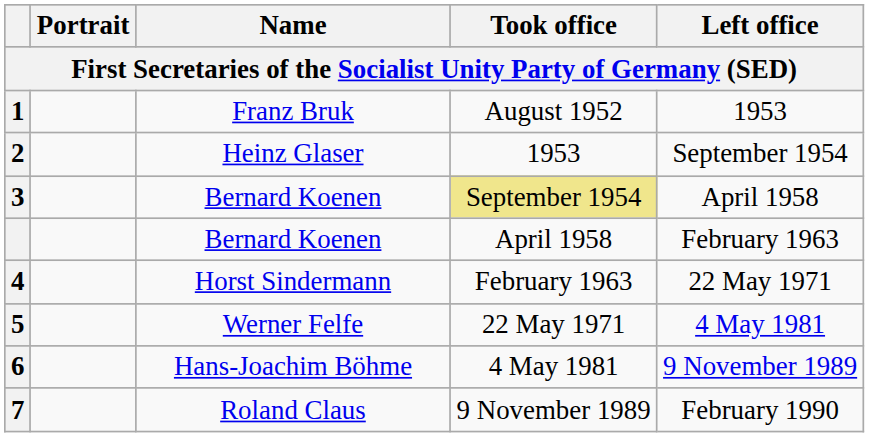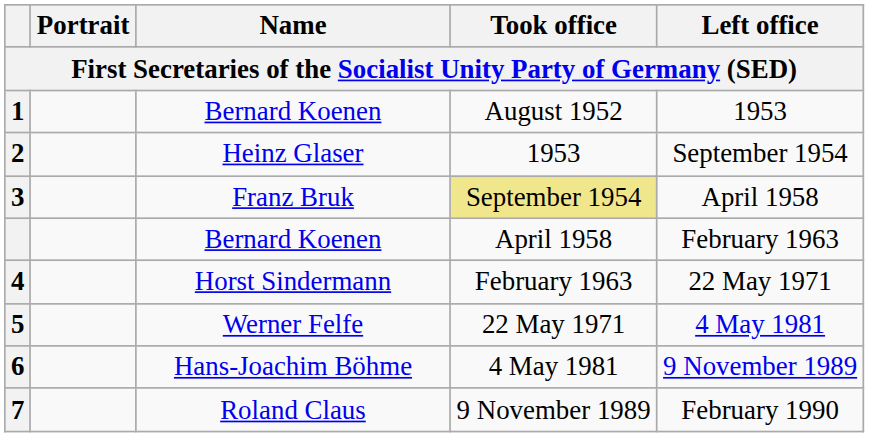 <table class="wikitable" style="text-align:center">
 <tr>
 <th></th>
 <th>Portrait</th>
 <th width=180>Name<br></th>
 <th>Took office</th>
 <th>Left office</th>
 </tr>
 <tr>
 <th colspan=5>First Secretaries of the <a href='#'>Socialist Unity Party of Germany</a> (SED)</th>
 </tr>
 <tr>
 <th style="background:">1</th>
 <td></td>
-<td><a href='#'>Franz Bruk</a><br></td>
+<td><a href='#'>Bernard Koenen</a><br></td>
 <td>August 1952</td>
 <td>1953<br></td>
 </tr>
 <tr>
 <th style="background:">2</th>
 <td></td>
 <td><a href='#'>Heinz Glaser</a><br></td>
 <td>1953</td>
 <td>September 1954<br></td>
 </tr>
 <tr>
 <th style="background:">3</th>
 <td></td>
-<td><a href='#'>Bernard Koenen</a><br></td>
+<td><a href='#'>Franz Bruk</a><br></td>
 <td style="background: khaki;">September 1954</td>
 <td>April 1958<br></td>
 </tr>
 <tr>
 <th style="background:"></th>
 <td></td>
 <td><a href='#'>Bernard Koenen</a><br></td>
 <td>April 1958</td>
 <td>February 1963<br></td>
 </tr>
 <tr>
 <th style="background:">4</th>
 <td></td>
 <td><a href='#'>Horst Sindermann</a><br></td>
 <td>February 1963</td>
 <td>22 May 1971<br></td>
 </tr>
 <tr>
 <th style="background:">5</th>
 <td></td>
 <td><a href='#'>Werner Felfe</a><br></td>
 <td>22 May 1971</td>
 <td><a href='#'>4 May 1981<br></a></td>
 </tr>
 <tr>
 <th style="background:">6</th>
 <td></td>
 <td><a href='#'>Hans-Joachim Böhme</a><br></td>
 <td>4 May 1981</td>
 <td><a href='#'>9 November 1989<br></a></td>
 </tr>
 <tr>
 <th style="background:">7</th>
 <td></td>
 <td><a href='#'>Roland Claus</a><br></td>
 <td>9 November 1989</td>
 <td>February 1990</td>
 </tr>
 </table>
